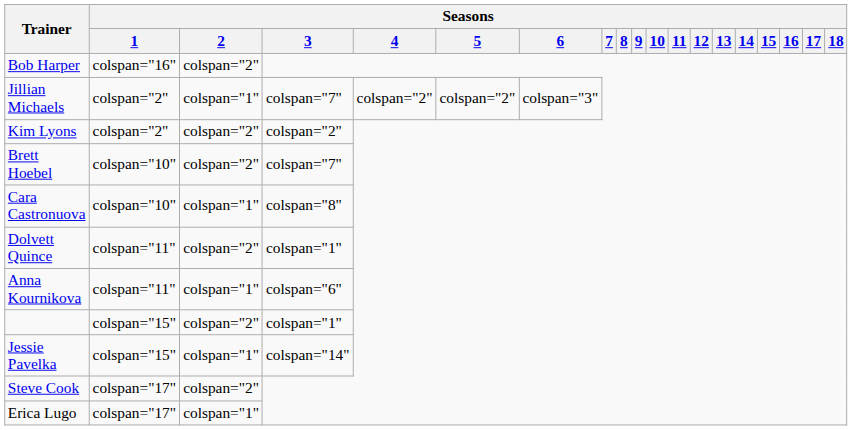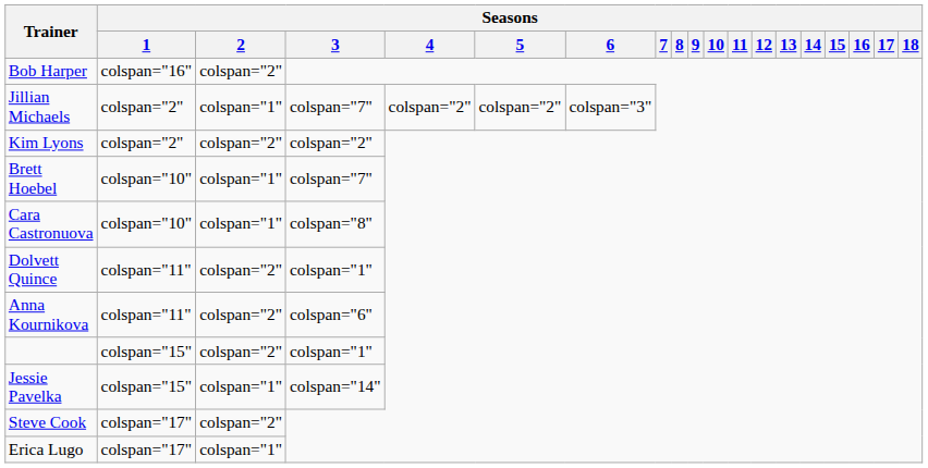 <table class="wikitable" style="margin:0.5em auto; width:800px;">
 <tr>
 <th rowspan="2" style="width:220px;">Trainer</th>
 <th colspan="18" style="text-align:center;">Seasons</th>
 </tr>
 <tr>
 <th ! style="width:80px;"><a href='#'>1</a></th>
 <th style="width:80px;"><a href='#'>2</a></th>
 <th style="width:80px;"><a href='#'>3</a></th>
 <th style="width:80px;"><a href='#'>4</a></th>
 <th style="width:80px;"><a href='#'>5</a></th>
 <th style="width:80px;"><a href='#'>6</a></th>
 <th style="width:80px;"><a href='#'>7</a></th>
 <th style="width:80px;"><a href='#'>8</a></th>
 <th style="width:80px;"><a href='#'>9</a></th>
 <th style="width:80px;"><a href='#'>10</a></th>
 <th style="width:80px;"><a href='#'>11</a></th>
 <th style="width:80px;"><a href='#'>12</a></th>
 <th style="width:80px;"><a href='#'>13</a></th>
 <th style="width:80px;"><a href='#'>14</a></th>
 <th style="width:80px;"><a href='#'>15</a></th>
 <th style="width:80px;"><a href='#'>16</a></th>
 <th style="width:80px;"><a href='#'>17</a></th>
 <th style="width:80px;"><a href='#'>18</a></th>
 </tr>
 <tr>
 <td><a href='#'>Bob Harper</a></td>
 <td>colspan="16" </td>
 <td>colspan="2" </td>
 </tr>
 <tr>
 <td><a href='#'>Jillian Michaels</a></td>
 <td>colspan="2" </td>
 <td>colspan="1" </td>
 <td>colspan="7" </td>
 <td>colspan="2" </td>
 <td>colspan="2" </td>
 <td>colspan="3" </td>
 </tr>
 <tr>
 <td><a href='#'>Kim Lyons</a></td>
 <td>colspan="2" </td>
 <td>colspan="2" </td>
 <td>colspan="2" </td>
 </tr>
 <tr>
 <td><a href='#'>Brett Hoebel</a></td>
 <td>colspan="10" </td>
-<td>colspan="2" </td>
+<td>colspan="1" </td>
 <td>colspan="7" </td>
 </tr>
 <tr>
 <td><a href='#'>Cara Castronuova</a></td>
 <td>colspan="10" </td>
 <td>colspan="1" </td>
 <td>colspan="8" </td>
 </tr>
 <tr>
 <td><a href='#'>Dolvett Quince</a></td>
 <td>colspan="11" </td>
 <td>colspan="2" </td>
 <td>colspan="1"  </td>
 </tr>
 <tr>
 <td><a href='#'>Anna Kournikova</a></td>
 <td>colspan="11" </td>
-<td>colspan="1" </td>
+<td>colspan="2" </td>
 <td>colspan="6" </td>
 </tr>
 <tr>
 <td></td>
 <td>colspan="15" </td>
 <td>colspan="2" </td>
 <td>colspan="1" </td>
 </tr>
 <tr>
 <td><a href='#'>Jessie Pavelka</a></td>
 <td>colspan="15" </td>
 <td>colspan="1" </td>
 <td>colspan="14" </td>
 </tr>
 <tr>
 <td><a href='#'>Steve Cook</a></td>
 <td>colspan="17" </td>
 <td>colspan="2" </td>
 </tr>
 <tr>
 <td>Erica Lugo</td>
 <td>colspan="17" </td>
 <td>colspan="1" </td>
 </tr>
 </table>
